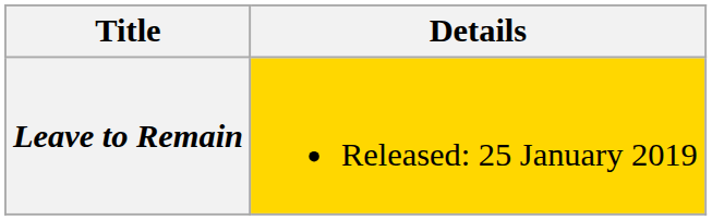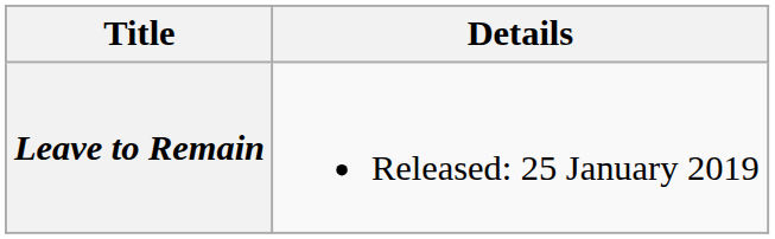 <table class="wikitable plainrowheaders" style="text-align:center;">
 <tr>
 <th>Title</th>
 <th>Details</th>
 </tr>
 <tr>
 <th scope="row"><em>Leave to Remain</em></th>
-<td style="background: gold;"><br><ul><li>Released: 25 January 2019</li></ul></td>
+<td><br><ul><li>Released: 25 January 2019</li></ul></td>
 </tr>
 </table>
